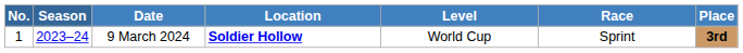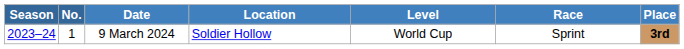 <table class="wikitable sortable" style="font-size:95%; text-align:center; border:grey solid 1px; border-collapse:collapse; background:#ffffff;">
 <tr style="background:#efefef;">
+<th style="background-color:#369; color:white;">Season</th>
 <th style="background-color:#369; color:white;">No.</th>
-<th style="background-color:#369; color:white;">Season</th>
 <th style="background-color:#4180be; color:white; width:120px;">Date</th>
 <th style="background-color:#4180be; color:white; width:190px;">Location</th>
 <th style="background-color:#4180be; color:white; width:170px;">Level</th>
 <th style="background-color:#4180be; color:white; width:170px;">Race</th>
 <th style="background-color:#4180be; color:white;">Place</th>
 </tr>
 <tr>
+<td><a href='#'>2023–24</a></td>
 <td>1</td>
-<td><a href='#'>2023–24</a></td>
 <td>9 March 2024</td>
-<td align=left><strong> <a href='#'>Soldier Hollow</a></strong></td>
+<td align=left> <a href='#'>Soldier Hollow</a></td>
 <td>World Cup</td>
 <td>Sprint</td>
 <td align=center bgcolor="cc9966"><strong>3rd</strong></td>
 </tr>
 </table>
